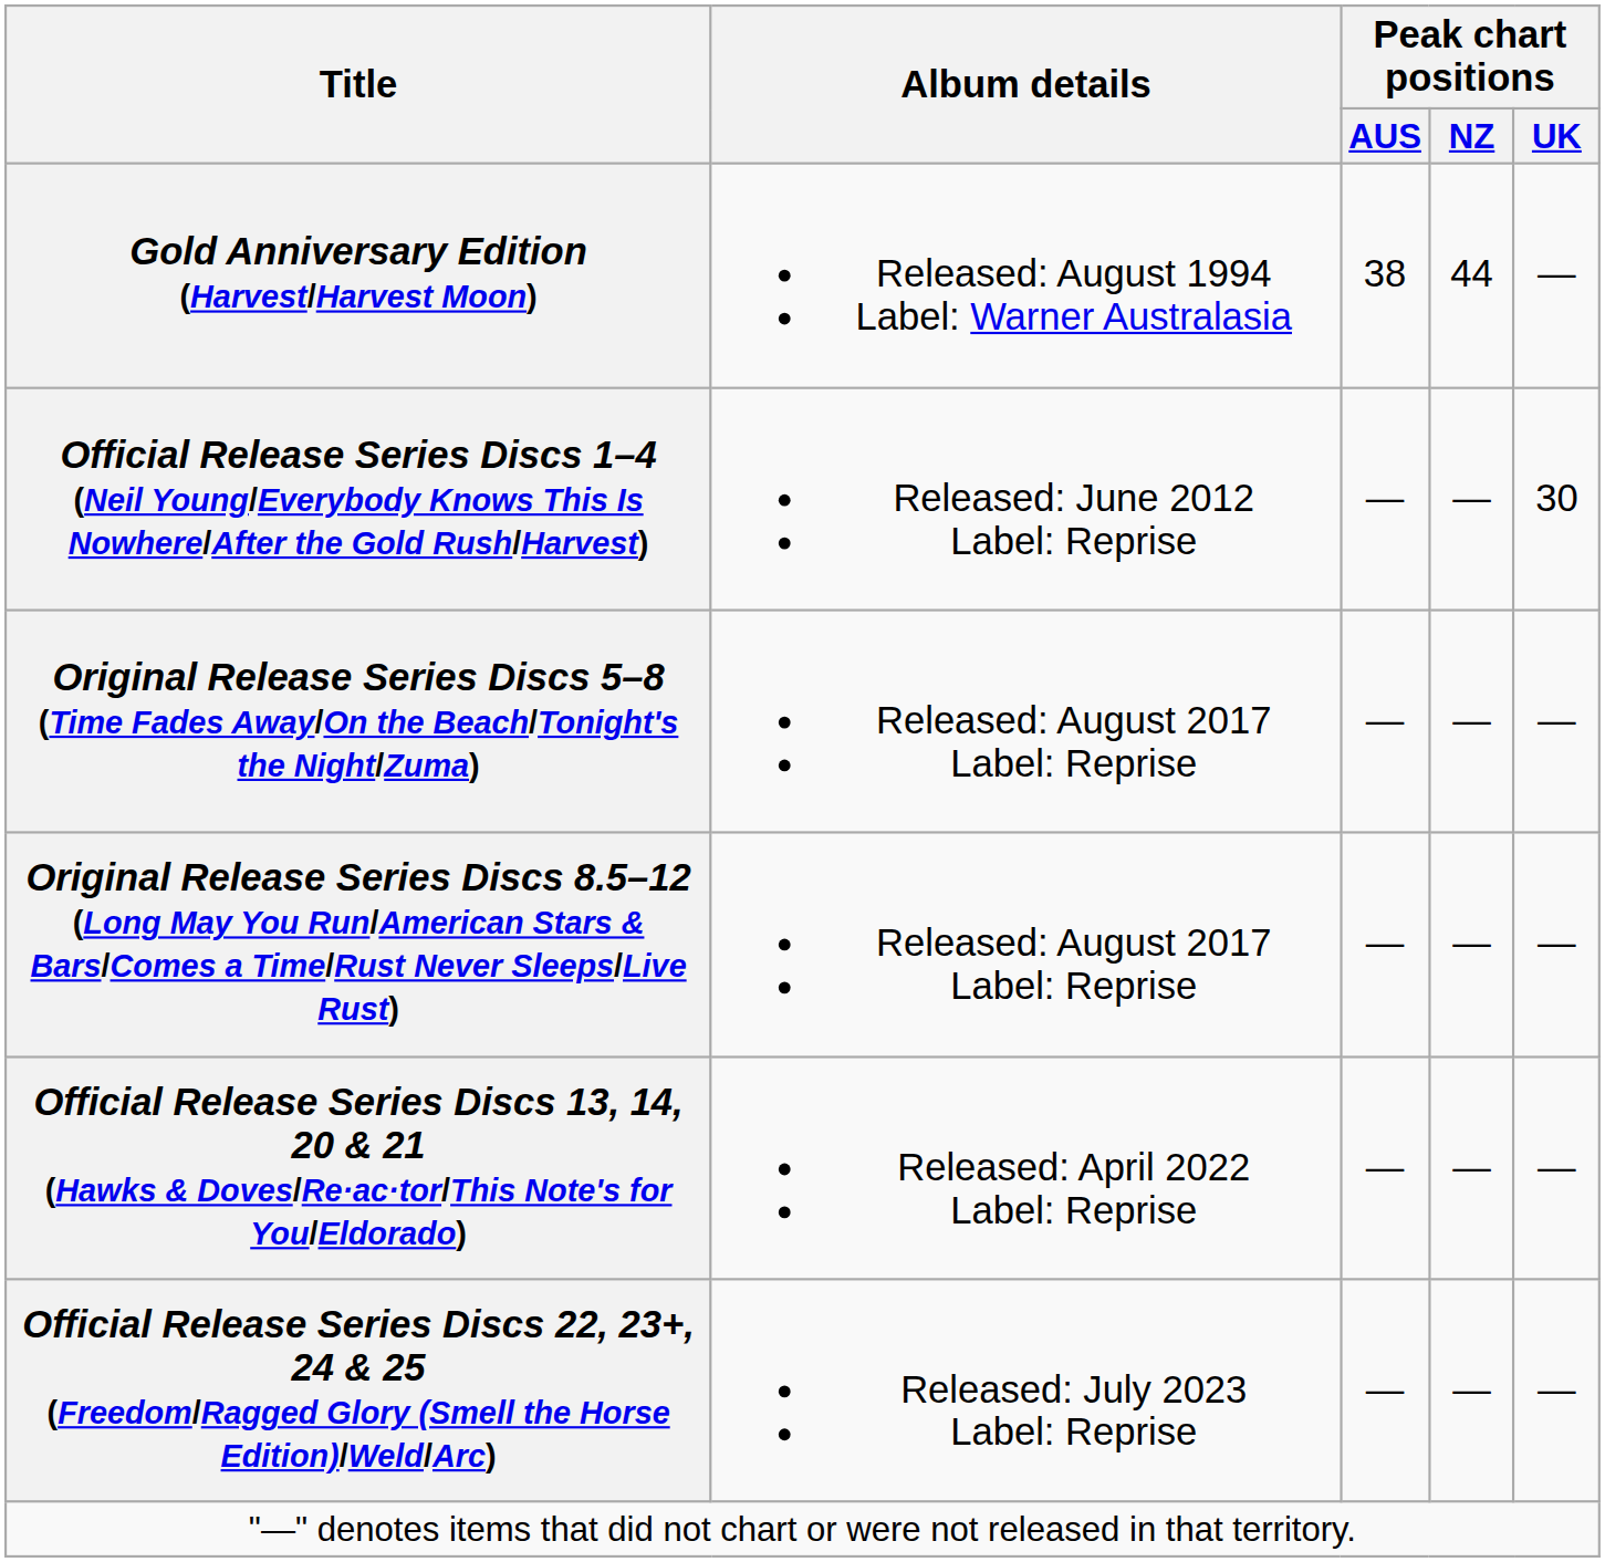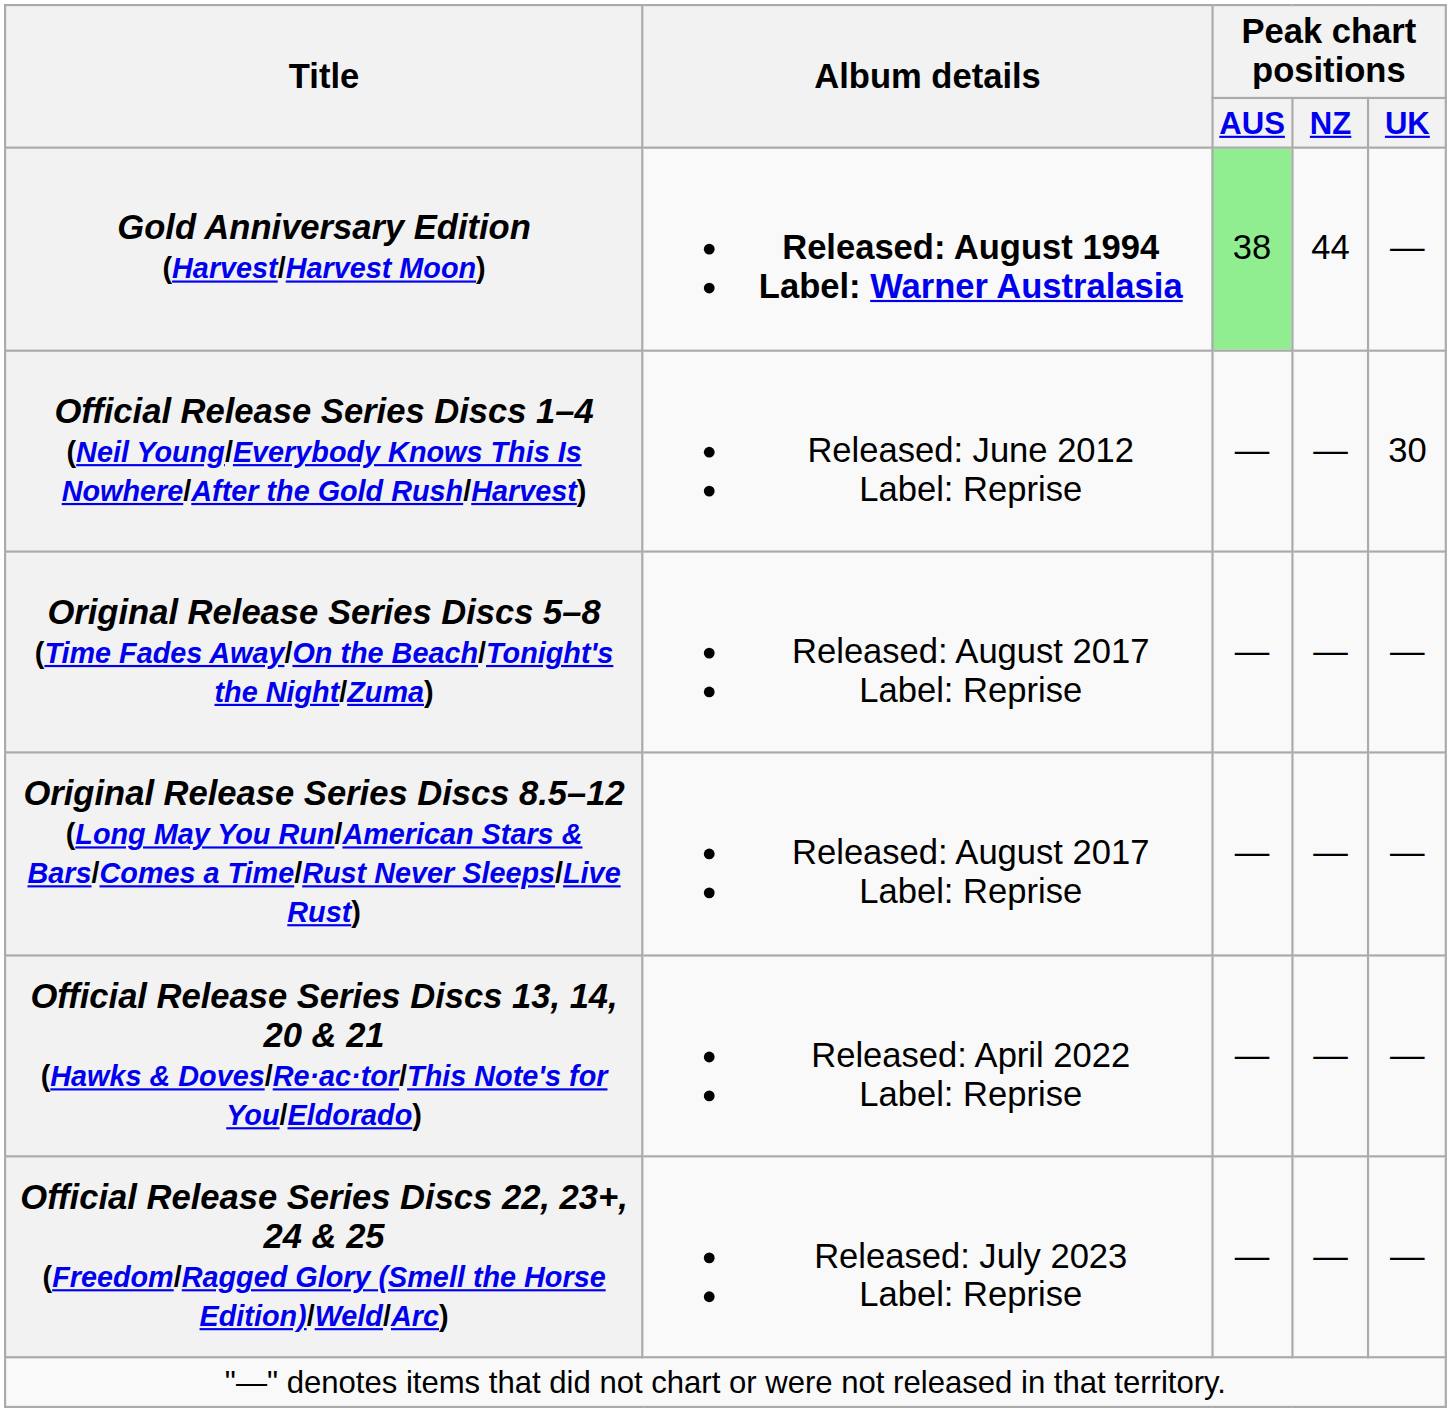 <table class="wikitable plainrowheaders" style="text-align:center;">
 <tr>
 <th scope="col" rowspan="2" style="width:18em;">Title</th>
 <th scope="col" rowspan="2" style="width:16em;">Album details</th>
 <th scope="col" colspan="3">Peak chart positions</th>
 </tr>
 <tr>
 <th style="width:2em;font-size:90%;"><a href='#'>AUS</a><br></th>
 <th style="width:2em;font-size:90%;"><a href='#'>NZ</a><br></th>
 <th style="width:2em;font-size:90%;"><a href='#'>UK</a><br></th>
 </tr>
 <tr>
 <th scope="row"><em>Gold Anniversary Edition</em> <br><small>(<em><a href='#'>Harvest</a></em>/<em><a href='#'>Harvest Moon</a></em>)</small></th>
-<td><br><ul><li>Released: August 1994</li><li>Label: <a href='#'>Warner Australasia</a></li></ul></td>
-<td>38</td>
+<td><strong><br><ul><li>Released: August 1994</li><li>Label: <a href='#'>Warner Australasia</a></li></ul></strong></td>
+<td style="background: lightgreen;">38</td>
 <td>44</td>
 <td>—</td>
 </tr>
 <tr>
 <th scope="row"><em>Official Release Series Discs 1–4</em> <br><small>(<em><a href='#'>Neil Young</a></em>/<em><a href='#'>Everybody Knows This Is<br>Nowhere</a></em>/<em><a href='#'>After the Gold Rush</a></em>/<em><a href='#'>Harvest</a></em>)</small></th>
 <td><br><ul><li>Released: June 2012</li><li>Label: Reprise</li></ul></td>
 <td>—</td>
 <td>—</td>
 <td>30</td>
 </tr>
 <tr>
 <th scope="row"><em>Original Release Series Discs 5–8</em> <br><small>(<em><a href='#'>Time Fades Away</a></em>/<em><a href='#'>On the Beach</a></em>/<em><a href='#'>Tonight's the Night</a></em>/<em><a href='#'>Zuma</a></em>)</small></th>
 <td><br><ul><li>Released: August 2017</li><li>Label: Reprise</li></ul></td>
 <td>—</td>
 <td>—</td>
 <td>—</td>
 </tr>
 <tr>
 <th scope="row"><em>Original Release Series Discs 8.5–12</em> <br><small>(<em><a href='#'>Long May You Run</a></em>/<em><a href='#'>American Stars & Bars</a></em>/<em><a href='#'>Comes a Time</a></em>/<em><a href='#'>Rust Never Sleeps</a></em>/<em><a href='#'>Live Rust</a></em>)</small></th>
 <td><br><ul><li>Released: August 2017</li><li>Label: Reprise</li></ul></td>
 <td>—</td>
 <td>—</td>
 <td>—</td>
 </tr>
 <tr>
 <th scope="row"><em>Official Release Series Discs 13, 14, 20 & 21</em> <br><small>(<em><a href='#'>Hawks & Doves</a></em>/<em><a href='#'>Re·ac·tor</a></em>/<em><a href='#'>This Note's for You</a></em>/<em><a href='#'>Eldorado</a></em>)</small></th>
 <td><br><ul><li>Released: April 2022</li><li>Label: Reprise</li></ul></td>
 <td>—</td>
 <td>—</td>
 <td>—</td>
 </tr>
 <tr>
 <th scope="row"><em>Official Release Series Discs 22, 23+, 24 & 25</em> <br><small>(<em><a href='#'>Freedom</a></em>/<em><a href='#'>Ragged Glory (Smell the Horse Edition)</a></em>/<em><a href='#'>Weld</a></em>/<em><a href='#'>Arc</a></em>)</small></th>
 <td><br><ul><li>Released: July 2023</li><li>Label: Reprise</li></ul></td>
 <td>—</td>
 <td>—</td>
 <td>—</td>
 </tr>
 <tr>
 <td colspan="15" style="font-size:90%">"—" denotes items that did not chart or were not released in that territory.</td>
 </tr>
 </table>
